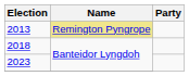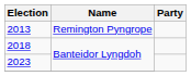 <table class="wikitable sortable">
 <tr>
 <th>Election</th>
 <th>Name</th>
 <th colspan=2>Party</th>
 </tr>
 <tr>
 <td><a href='#'>2013</a></td>
-<td style="background: khaki;"><a href='#'>Remington Pyngrope</a></td>
+<td><a href='#'>Remington Pyngrope</a></td>
 <td></td>
 </tr>
 <tr>
 <td><a href='#'>2018</a></td>
 <td rowspan=2><a href='#'>Banteidor Lyngdoh</a></td>
 <td></td>
 </tr>
 <tr>
 <td><a href='#'>2023</a></td>
 </tr>
 <tr>
 </tr>
 </table>
